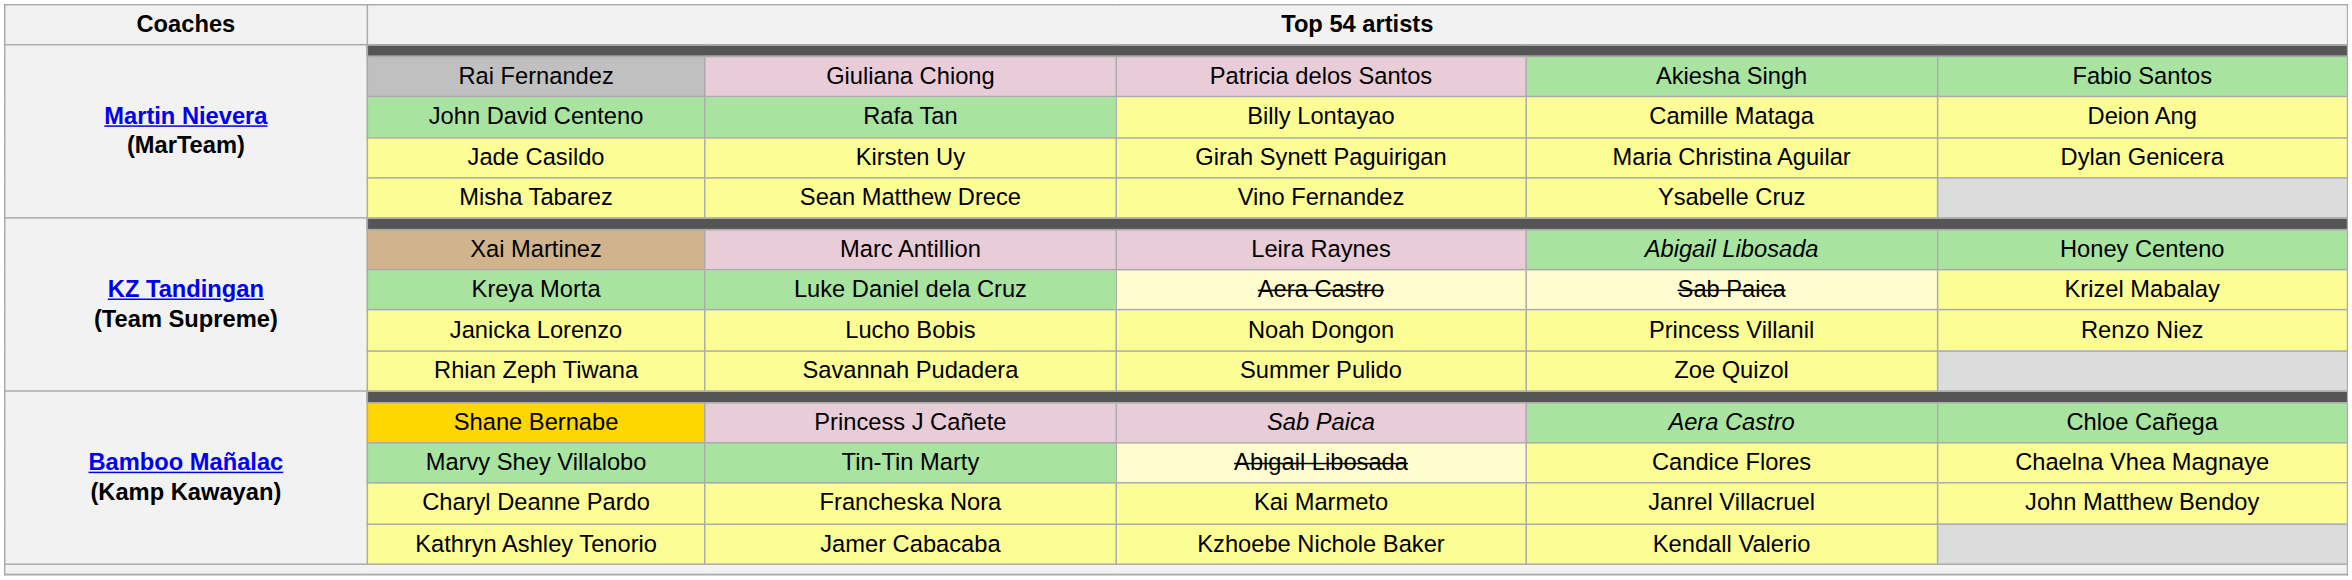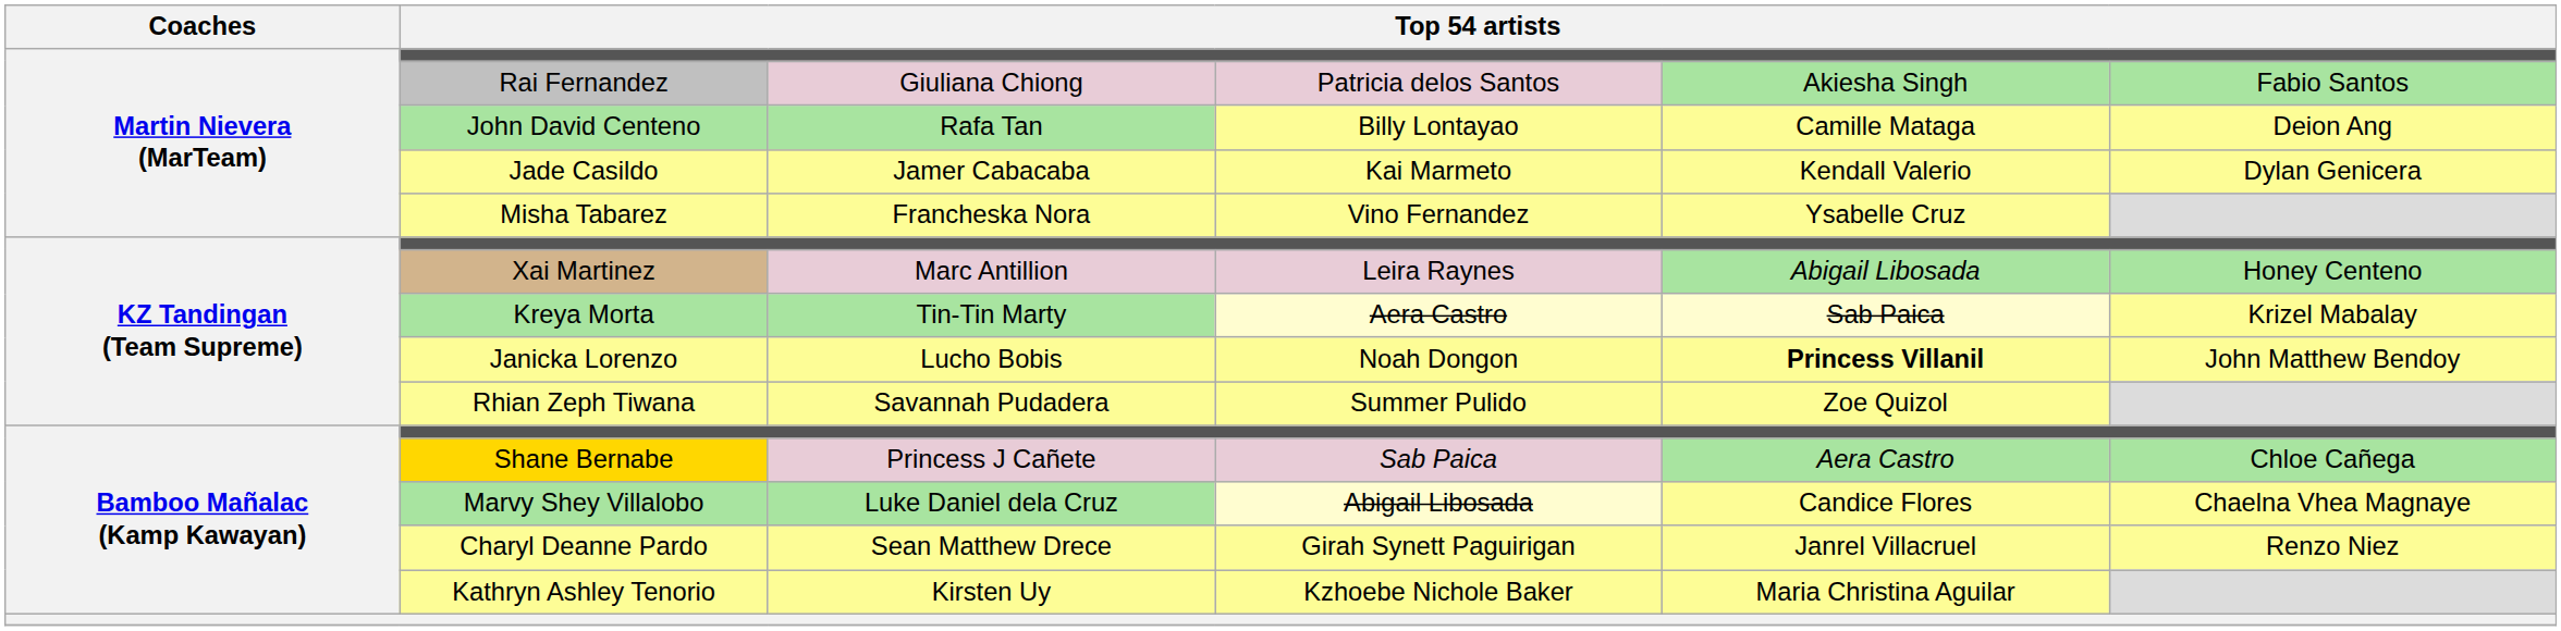 <table class="wikitable" style="text-align:center; line-height:20px; width:100%;">
 <tr>
 <th scope="col" width="15%">Coaches</th>
 <th colspan="5" scope="col" width="84%">Top 54 artists</th>
 </tr>
 <tr>
 <th rowspan="5" width="15%"><a href='#'>Martin Nievera</a> <br> (MarTeam)</th>
 <td colspan="5" style="background:#555555;"></td>
 </tr>
 <tr>
 <td style="background:silver;">Rai Fernandez</td>
 <td style="background:#E8CCD7" width="17%">Giuliana Chiong</td>
 <td style="background:#E8CCD7" width="17%">Patricia delos Santos</td>
 <td style="background:#A8E4A0">Akiesha Singh</td>
 <td width="17%" style="background:#A8E4A0">Fabio Santos</td>
 </tr>
 <tr>
 <td style="background:#A8E4A0">John David Centeno</td>
 <td style="background:#A8E4A0">Rafa Tan</td>
 <td style="background:#FDFD96">Billy Lontayao</td>
 <td style="background:#FDFD96">Camille Mataga</td>
 <td style="background:#FDFD96">Deion Ang</td>
 </tr>
 <tr>
 <td style="background:#FDFD96">Jade Casildo</td>
-<td style="background:#FDFD96">Kirsten Uy</td>
-<td style="background:#FDFD96">Girah Synett Paguirigan</td>
-<td style="background:#FDFD96">Maria Christina Aguilar</td>
+<td style="background:#FDFD96">Jamer Cabacaba</td>
+<td style="background:#FDFD96">Kai Marmeto</td>
+<td style="background:#FDFD96">Kendall Valerio</td>
 <td style="background:#FDFD96">Dylan Genicera</td>
 </tr>
 <tr>
 <td style="background:#FDFD96">Misha Tabarez</td>
-<td style="background:#FDFD96">Sean Matthew Drece</td>
+<td style="background:#FDFD96">Francheska Nora</td>
 <td style="background:#FDFD96">Vino Fernandez</td>
 <td style="background:#FDFD96">Ysabelle Cruz</td>
 <td style="background:#DCDCDC;"></td>
 </tr>
 <tr>
 <th rowspan="5"><a href='#'>KZ Tandingan</a> <br> (Team Supreme)</th>
 <td colspan="5" style="background:#555555;"></td>
 </tr>
 <tr>
 <td scope="col" width="14%" style="background:tan;">Xai Martinez</td>
 <td style="background:#E8CCD7">Marc Antillion</td>
 <td style="background:#E8CCD7">Leira Raynes</td>
 <td style="background:#A8E4A0"><em>Abigail Libosada</em></td>
 <td style="background:#A8E4A0">Honey Centeno</td>
 </tr>
 <tr>
 <td style="background:#A8E4A0">Kreya Morta</td>
-<td style="background:#A8E4A0">Luke Daniel dela Cruz</td>
+<td style="background:#A8E4A0">Tin-Tin Marty</td>
 <td style="background:#FFFDD0"><s>Aera Castro</s></td>
 <td style="background:#FFFDD0"><s>Sab Paica</s></td>
 <td style="background:#FDFD96">Krizel Mabalay</td>
 </tr>
 <tr>
 <td style="background:#FDFD96">Janicka Lorenzo</td>
 <td style="background:#FDFD96">Lucho Bobis</td>
 <td style="background:#FDFD96">Noah Dongon</td>
-<td style="background:#FDFD96">Princess Villanil</td>
-<td style="background:#FDFD96">Renzo Niez</td>
+<td style="background:#FDFD96"><strong>Princess Villanil</strong></td>
+<td style="background:#FDFD96">John Matthew Bendoy</td>
 </tr>
 <tr>
 <td style="background:#FDFD96">Rhian Zeph Tiwana</td>
 <td style="background:#FDFD96">Savannah Pudadera</td>
 <td style="background:#FDFD96">Summer Pulido</td>
 <td style="background:#FDFD96">Zoe Quizol</td>
 <td style="background:#DCDCDC;"></td>
 </tr>
 <tr>
 <th rowspan="5"><strong><a href='#'>Bamboo Mañalac</a></strong> <br> (Kamp Kawayan)</th>
 <td colspan="5" style="background:#555555;"></td>
 </tr>
 <tr>
 <td style="background:gold;">Shane Bernabe</td>
 <td style="background:#E8CCD7">Princess J Cañete</td>
 <td style="background:#E8CCD7"><em>Sab Paica</em></td>
 <td width="17%" style="background:#A8E4A0"><em>Aera Castro</em></td>
 <td style="background:#A8E4A0">Chloe Cañega</td>
 </tr>
 <tr>
 <td style="background:#A8E4A0">Marvy Shey Villalobo</td>
-<td style="background:#A8E4A0">Tin-Tin Marty</td>
+<td style="background:#A8E4A0">Luke Daniel dela Cruz</td>
 <td style="background:#FFFDD0"><s>Abigail Libosada</s></td>
 <td style="background:#FDFD96">Candice Flores</td>
 <td style="background:#FDFD96">Chaelna Vhea Magnaye</td>
 </tr>
 <tr>
 <td style="background:#FDFD96">Charyl Deanne Pardo</td>
-<td style="background:#FDFD96">Francheska Nora</td>
-<td style="background:#FDFD96">Kai Marmeto</td>
+<td style="background:#FDFD96">Sean Matthew Drece</td>
+<td style="background:#FDFD96">Girah Synett Paguirigan</td>
 <td style="background:#FDFD96">Janrel Villacruel</td>
-<td style="background:#FDFD96">John Matthew Bendoy</td>
+<td style="background:#FDFD96">Renzo Niez</td>
 </tr>
 <tr>
 <td style="background:#FDFD96">Kathryn Ashley Tenorio</td>
-<td style="background:#FDFD96">Jamer Cabacaba</td>
+<td style="background:#FDFD96">Kirsten Uy</td>
 <td style="background:#FDFD96">Kzhoebe Nichole Baker</td>
-<td style="background:#FDFD96">Kendall Valerio</td>
+<td style="background:#FDFD96">Maria Christina Aguilar</td>
 <td style="background:#DCDCDC;"></td>
 </tr>
 <tr>
 <th colspan="6" style="font-size:90%; line-height:12px;"></th>
 </tr>
 <tr>
 </tr>
 </table>
